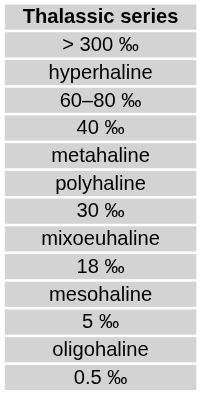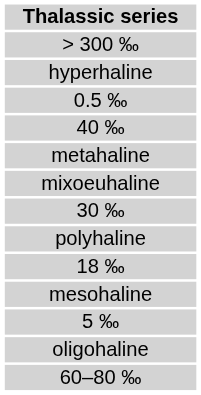 <table align=right style="text-align:center; margin-right:auto;">
 <tr>
 <td bgcolor=lightgrey><strong>Thalassic series</strong></td>
 </tr>
 <tr>
 <td width=150px bgcolor=lightgrey>> 300 ‰</td>
 </tr>
 <tr>
 <td bgcolor=lightgrey>hyperhaline</td>
 </tr>
 <tr>
-<td bgcolor=lightgrey>60–80 ‰</td>
+<td bgcolor=lightgrey>0.5 ‰</td>
 </tr>
 <tr>
 <td bgcolor=lightgrey>40 ‰</td>
 </tr>
 <tr>
 <td bgcolor=lightgrey>metahaline</td>
 </tr>
 <tr>
-<td bgcolor=lightgrey>polyhaline</td>
+<td bgcolor=lightgrey>mixoeuhaline</td>
 </tr>
 <tr>
 <td bgcolor=lightgrey>30 ‰</td>
 </tr>
 <tr>
-<td bgcolor=lightgrey>mixoeuhaline</td>
+<td bgcolor=lightgrey>polyhaline</td>
 </tr>
 <tr>
 <td bgcolor=lightgrey>18 ‰</td>
 </tr>
 <tr>
 <td bgcolor=lightgrey>mesohaline</td>
 </tr>
 <tr>
 <td bgcolor=lightgrey>5 ‰</td>
 </tr>
 <tr>
 <td bgcolor=lightgrey>oligohaline</td>
 </tr>
 <tr>
-<td bgcolor=lightgrey>0.5 ‰</td>
+<td bgcolor=lightgrey>60–80 ‰</td>
 </tr>
 </table>
